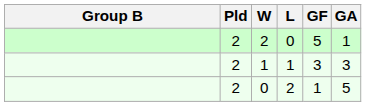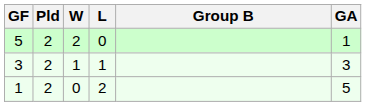 <table class=wikitable style="text-align:center">
 <tr>
-<th width=220>Group B</th>
+<th width=20>GF</th>
 <th width=20>Pld</th>
 <th width=20>W</th>
 <th width=20>L</th>
-<th width=20>GF</th>
+<th width=220>Group B</th>
 <th width=20>GA</th>
 </tr>
 <tr bgcolor=ccffcc>
-<td align=left></td>
+<td>5</td>
 <td>2</td>
 <td>2</td>
 <td>0</td>
-<td>5</td>
+<td align=left></td>
 <td>1</td>
 </tr>
 <tr bgcolor=eeffee>
-<td align=left></td>
+<td>3</td>
 <td>2</td>
 <td>1</td>
 <td>1</td>
-<td>3</td>
+<td align=left></td>
 <td>3</td>
 </tr>
 <tr bgcolor=eeffee>
-<td align=left></td>
+<td>1</td>
 <td>2</td>
 <td>0</td>
 <td>2</td>
-<td>1</td>
+<td align=left></td>
 <td>5</td>
 </tr>
 </table>
